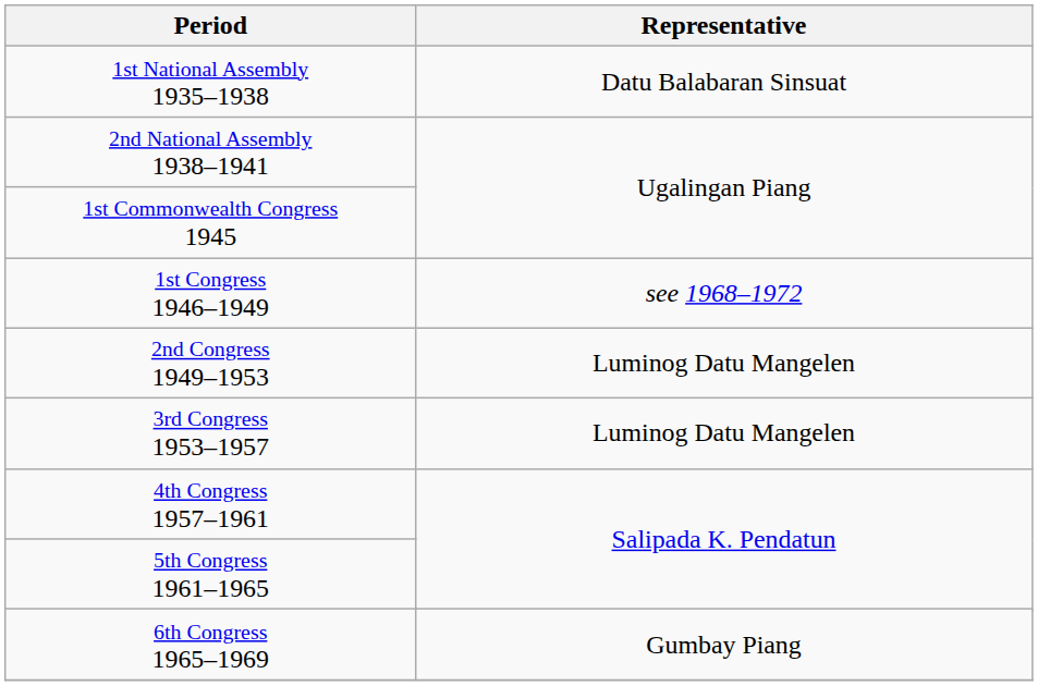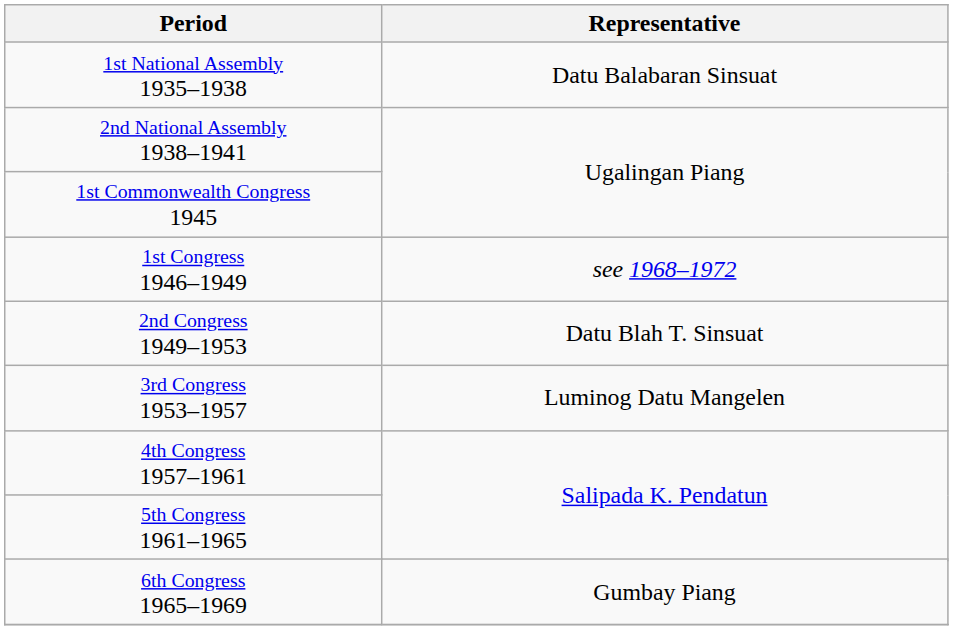 <table class="wikitable" style="text-align:center; width:40%;">
 <tr>
 <th width="40%">Period</th>
 <th>Representative</th>
 </tr>
 <tr>
 <td><small><a href='#'>1st National Assembly</a></small><br>1935–1938</td>
 <td>Datu Balabaran Sinsuat</td>
 </tr>
 <tr>
 <td><small><a href='#'>2nd National Assembly</a></small><br>1938–1941</td>
 <td rowspan="2">Ugalingan Piang</td>
 </tr>
 <tr>
 <td><small><a href='#'>1st Commonwealth Congress</a></small><br>1945</td>
 </tr>
 <tr>
 <td><small><a href='#'>1st Congress</a></small><br>1946–1949</td>
 <td><em>see <a href='#'>1968–1972</a></em></td>
 </tr>
 <tr>
 <td><small><a href='#'>2nd Congress</a></small><br>1949–1953</td>
-<td>Luminog Datu Mangelen</td>
+<td>Datu Blah T. Sinsuat</td>
 </tr>
 <tr>
 <td><small><a href='#'>3rd Congress</a></small><br>1953–1957</td>
 <td>Luminog Datu Mangelen</td>
 </tr>
 <tr>
 <td><small><a href='#'>4th Congress</a></small><br>1957–1961</td>
 <td rowspan="3"><a href='#'>Salipada K. Pendatun</a></td>
 </tr>
 <tr>
 <td><small><a href='#'>5th Congress</a></small><br>1961–1965</td>
 </tr>
 <tr>
 <td rowspan="2"><small><a href='#'>6th Congress</a></small><br>1965–1969</td>
 </tr>
 <tr>
 <td>Gumbay Piang</td>
 </tr>
 <tr>
 </tr>
 </table>
